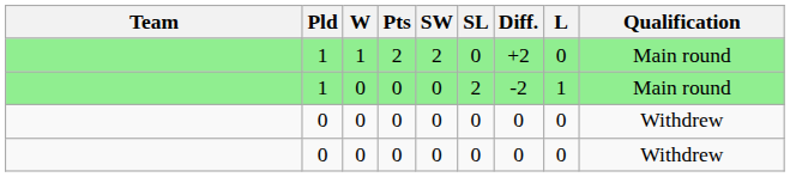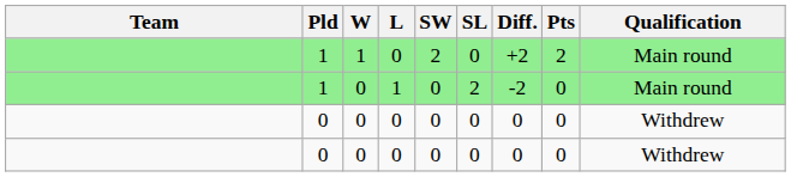 <table class=wikitable style="text-align:center">
 <tr>
 <th width=220>Team</th>
 <th width=20>Pld</th>
 <th width=20>W</th>
-<th width=20>Pts</th>
+<th width=20>L</th>
 <th width=20>SW</th>
 <th width=20>SL</th>
 <th width=20>Diff.</th>
-<th width=20>L</th>
+<th width=20>Pts</th>
 <th width=150>Qualification</th>
 </tr>
 <tr bgcolor=90EE90>
 <td align=left></td>
 <td>1</td>
 <td>1</td>
-<td>2</td>
+<td>0</td>
 <td>2</td>
 <td>0</td>
 <td>+2</td>
-<td>0</td>
+<td>2</td>
 <td>Main round</td>
 </tr>
 <tr bgcolor=90EE90>
 <td align=left></td>
 <td>1</td>
 <td>0</td>
-<td>0</td>
+<td>1</td>
 <td>0</td>
 <td>2</td>
 <td>-2</td>
-<td>1</td>
+<td>0</td>
 <td>Main round</td>
 </tr>
 <tr>
 <td align=left><s></s></td>
 <td>0</td>
 <td>0</td>
 <td>0</td>
 <td>0</td>
 <td>0</td>
 <td>0</td>
 <td>0</td>
 <td>Withdrew</td>
 </tr>
 <tr>
 <td align=left><s></s></td>
 <td>0</td>
 <td>0</td>
 <td>0</td>
 <td>0</td>
 <td>0</td>
 <td>0</td>
 <td>0</td>
 <td>Withdrew</td>
 </tr>
 </table>
